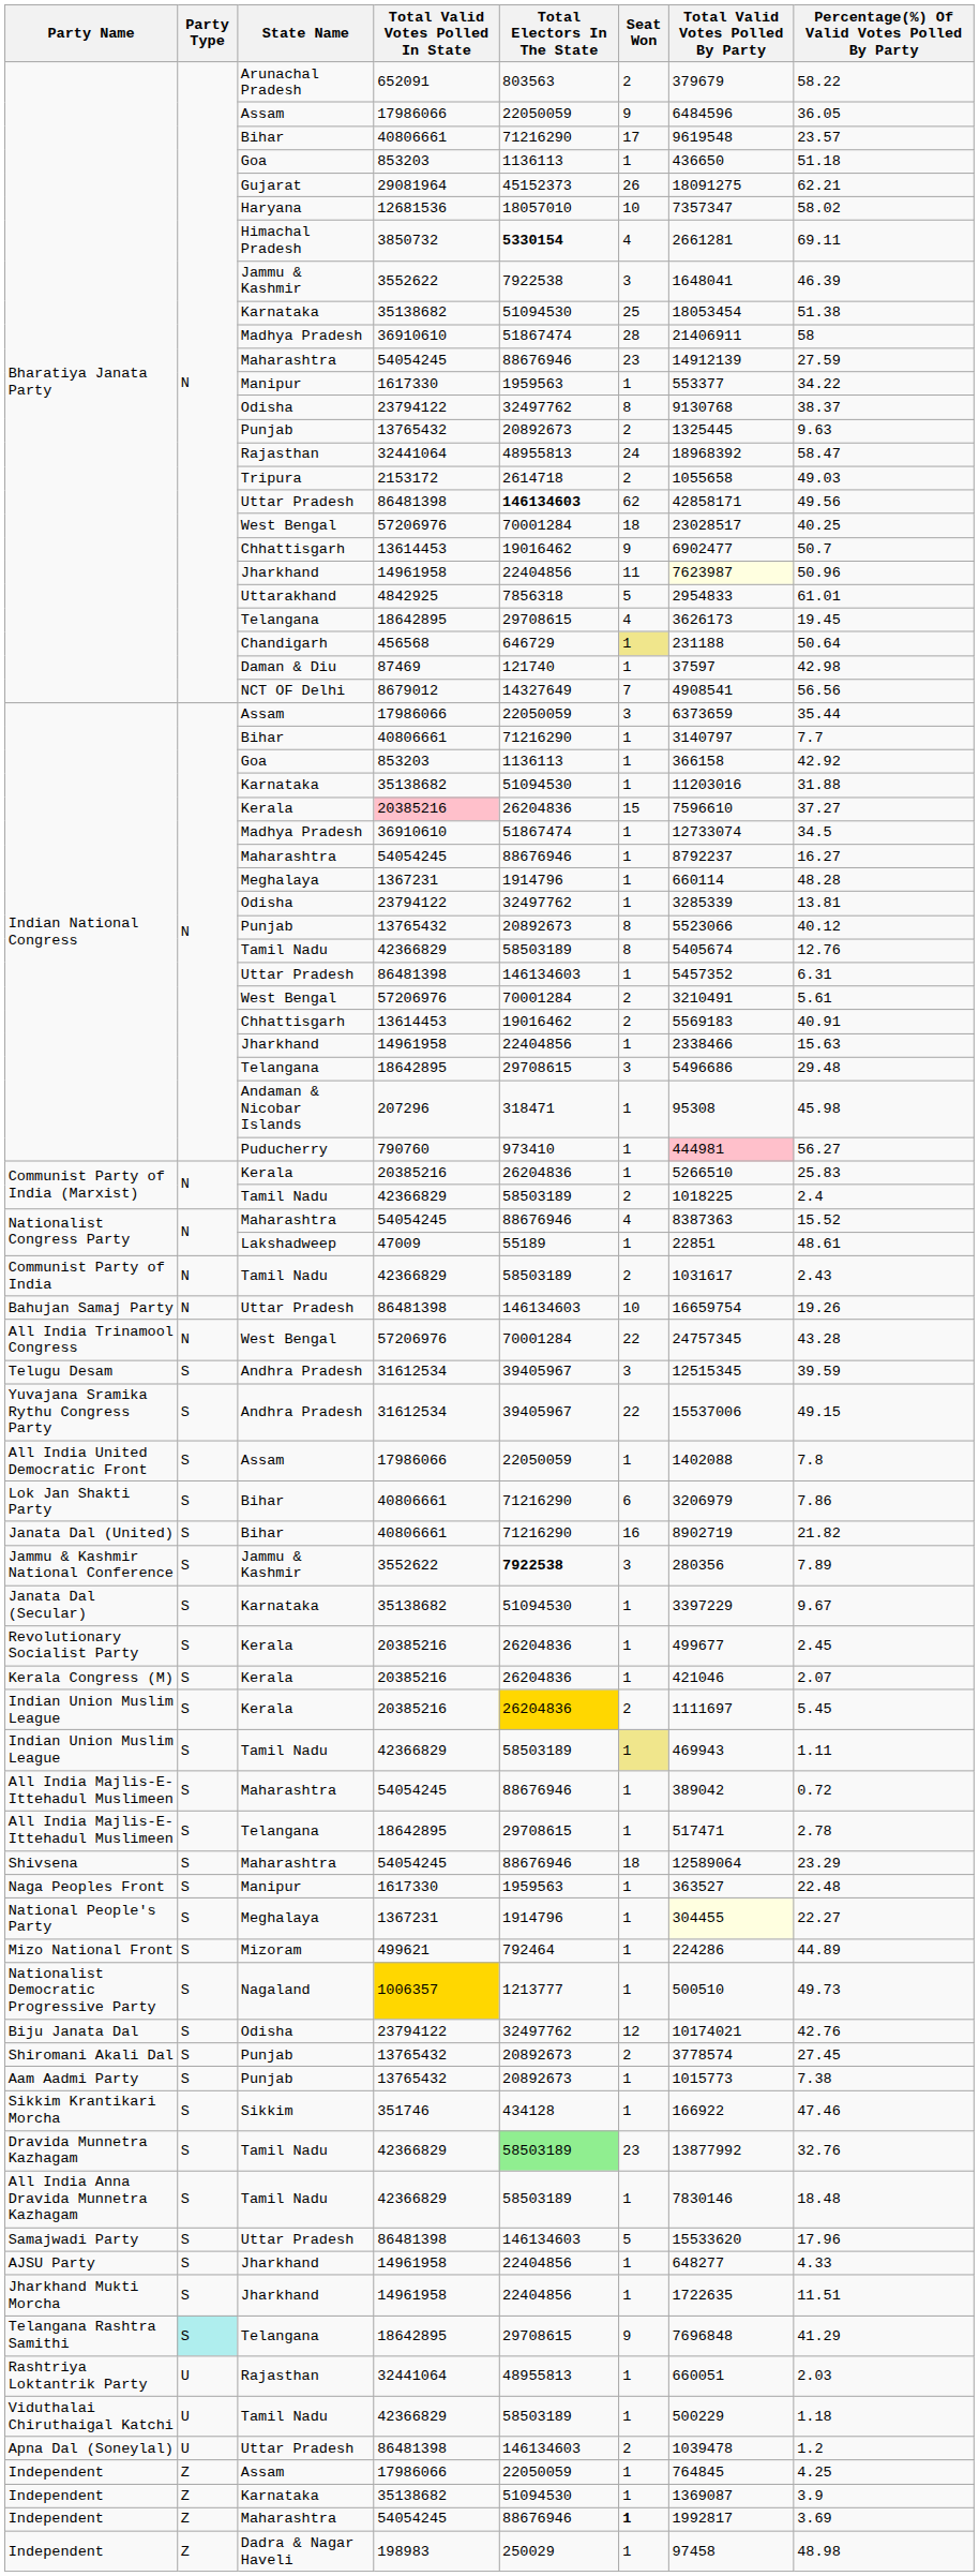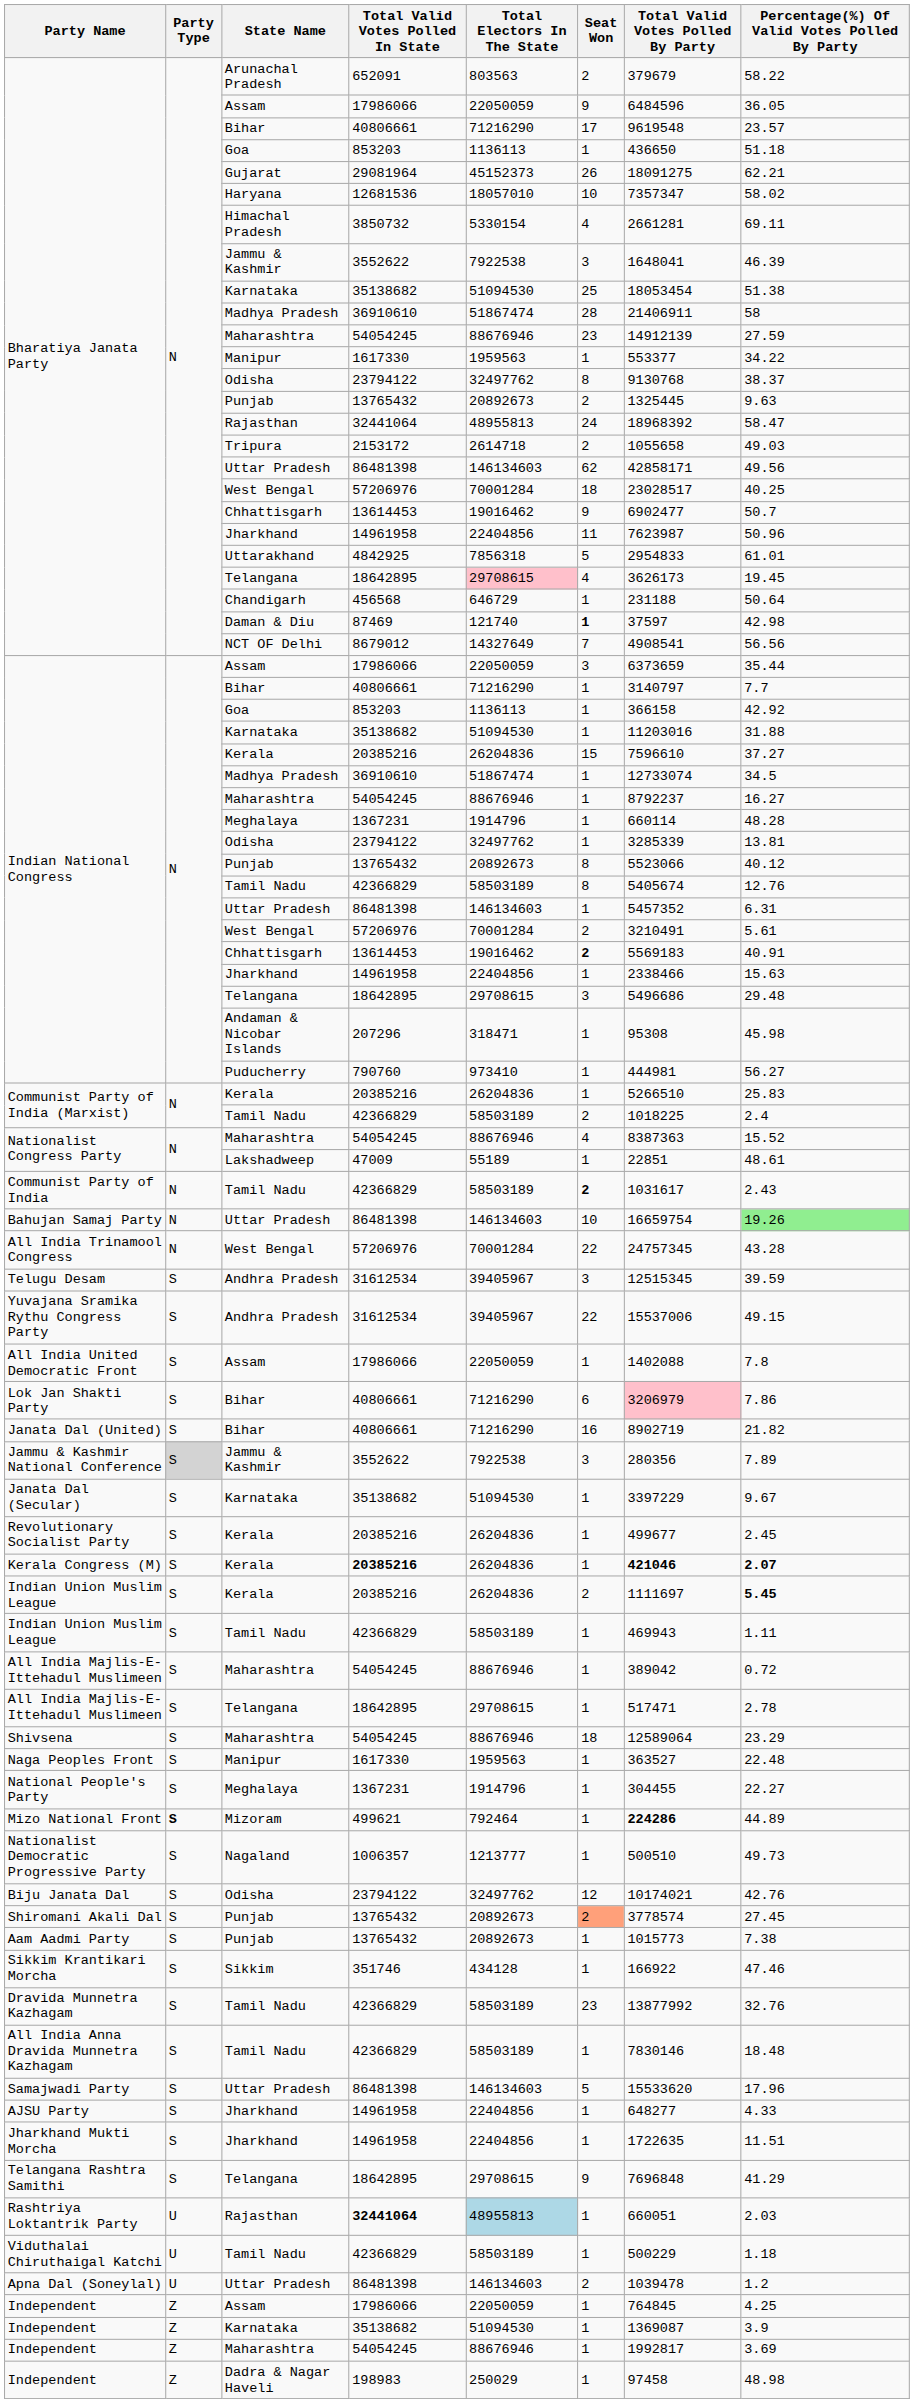 <table class="wikitable sortable">
 <tr>
 <th>Party Name</th>
 <th>Party Type</th>
 <th>State Name</th>
 <th>Total Valid Votes Polled In State</th>
 <th>Total Electors In The State</th>
 <th>Seat Won</th>
 <th>Total Valid Votes Polled By Party</th>
 <th>Percentage(%) Of Valid Votes Polled By Party</th>
 </tr>
 <tr>
 <td rowspan="25">Bharatiya Janata Party</td>
 <td rowspan="25">N</td>
 <td>Arunachal Pradesh</td>
 <td>652091</td>
 <td>803563</td>
 <td>2</td>
 <td>379679</td>
 <td>58.22</td>
 </tr>
 <tr>
 <td>Assam</td>
 <td>17986066</td>
 <td>22050059</td>
 <td>9</td>
 <td>6484596</td>
 <td>36.05</td>
 </tr>
 <tr>
 <td>Bihar</td>
 <td>40806661</td>
 <td>71216290</td>
 <td>17</td>
 <td>9619548</td>
 <td>23.57</td>
 </tr>
 <tr>
 <td>Goa</td>
 <td>853203</td>
 <td>1136113</td>
 <td>1</td>
 <td>436650</td>
 <td>51.18</td>
 </tr>
 <tr>
 <td>Gujarat</td>
 <td>29081964</td>
 <td>45152373</td>
 <td>26</td>
 <td>18091275</td>
 <td>62.21</td>
 </tr>
 <tr>
 <td>Haryana</td>
 <td>12681536</td>
 <td>18057010</td>
 <td>10</td>
 <td>7357347</td>
 <td>58.02</td>
 </tr>
 <tr>
 <td>Himachal Pradesh</td>
 <td>3850732</td>
-<td><strong>5330154</strong></td>
+<td>5330154</td>
 <td>4</td>
 <td>2661281</td>
 <td>69.11</td>
 </tr>
 <tr>
 <td>Jammu & Kashmir</td>
 <td>3552622</td>
 <td>7922538</td>
 <td>3</td>
 <td>1648041</td>
 <td>46.39</td>
 </tr>
 <tr>
 <td>Karnataka</td>
 <td>35138682</td>
 <td>51094530</td>
 <td>25</td>
 <td>18053454</td>
 <td>51.38</td>
 </tr>
 <tr>
 <td>Madhya Pradesh</td>
 <td>36910610</td>
 <td>51867474</td>
 <td>28</td>
 <td>21406911</td>
 <td>58</td>
 </tr>
 <tr>
 <td>Maharashtra</td>
 <td>54054245</td>
 <td>88676946</td>
 <td>23</td>
 <td>14912139</td>
 <td>27.59</td>
 </tr>
 <tr>
 <td>Manipur</td>
 <td>1617330</td>
 <td>1959563</td>
 <td>1</td>
 <td>553377</td>
 <td>34.22</td>
 </tr>
 <tr>
 <td>Odisha</td>
 <td>23794122</td>
 <td>32497762</td>
 <td>8</td>
 <td>9130768</td>
 <td>38.37</td>
 </tr>
 <tr>
 <td>Punjab</td>
 <td>13765432</td>
 <td>20892673</td>
 <td>2</td>
 <td>1325445</td>
 <td>9.63</td>
 </tr>
 <tr>
 <td>Rajasthan</td>
 <td>32441064</td>
 <td>48955813</td>
 <td>24</td>
 <td>18968392</td>
 <td>58.47</td>
 </tr>
 <tr>
 <td>Tripura</td>
 <td>2153172</td>
 <td>2614718</td>
 <td>2</td>
 <td>1055658</td>
 <td>49.03</td>
 </tr>
 <tr>
 <td>Uttar Pradesh</td>
 <td>86481398</td>
-<td><strong>146134603</strong></td>
+<td>146134603</td>
 <td>62</td>
 <td>42858171</td>
 <td>49.56</td>
 </tr>
 <tr>
 <td>West Bengal</td>
 <td>57206976</td>
 <td>70001284</td>
 <td>18</td>
 <td>23028517</td>
 <td>40.25</td>
 </tr>
 <tr>
 <td>Chhattisgarh</td>
 <td>13614453</td>
 <td>19016462</td>
 <td>9</td>
 <td>6902477</td>
 <td>50.7</td>
 </tr>
 <tr>
 <td>Jharkhand</td>
 <td>14961958</td>
 <td>22404856</td>
 <td>11</td>
-<td style="background: lightyellow;">7623987</td>
+<td>7623987</td>
 <td>50.96</td>
 </tr>
 <tr>
 <td>Uttarakhand</td>
 <td>4842925</td>
 <td>7856318</td>
 <td>5</td>
 <td>2954833</td>
 <td>61.01</td>
 </tr>
 <tr>
 <td>Telangana</td>
 <td>18642895</td>
-<td>29708615</td>
+<td style="background: pink;">29708615</td>
 <td>4</td>
 <td>3626173</td>
 <td>19.45</td>
 </tr>
 <tr>
 <td>Chandigarh</td>
 <td>456568</td>
 <td>646729</td>
-<td style="background: khaki;">1</td>
+<td>1</td>
 <td>231188</td>
 <td>50.64</td>
 </tr>
 <tr>
 <td>Daman & Diu</td>
 <td>87469</td>
 <td>121740</td>
-<td>1</td>
+<td><strong>1</strong></td>
 <td>37597</td>
 <td>42.98</td>
 </tr>
 <tr>
 <td>NCT OF Delhi</td>
 <td>8679012</td>
 <td>14327649</td>
 <td>7</td>
 <td>4908541</td>
 <td>56.56</td>
 </tr>
 <tr>
 <td rowspan="18">Indian National Congress</td>
 <td rowspan="18">N</td>
 <td>Assam</td>
 <td>17986066</td>
 <td>22050059</td>
 <td>3</td>
 <td>6373659</td>
 <td>35.44</td>
 </tr>
 <tr>
 <td>Bihar</td>
 <td>40806661</td>
 <td>71216290</td>
 <td>1</td>
 <td>3140797</td>
 <td>7.7</td>
 </tr>
 <tr>
 <td>Goa</td>
 <td>853203</td>
 <td>1136113</td>
 <td>1</td>
 <td>366158</td>
 <td>42.92</td>
 </tr>
 <tr>
 <td>Karnataka</td>
 <td>35138682</td>
 <td>51094530</td>
 <td>1</td>
 <td>11203016</td>
 <td>31.88</td>
 </tr>
 <tr>
 <td>Kerala</td>
-<td style="background: pink;">20385216</td>
+<td>20385216</td>
 <td>26204836</td>
 <td>15</td>
 <td>7596610</td>
 <td>37.27</td>
 </tr>
 <tr>
 <td>Madhya Pradesh</td>
 <td>36910610</td>
 <td>51867474</td>
 <td>1</td>
 <td>12733074</td>
 <td>34.5</td>
 </tr>
 <tr>
 <td>Maharashtra</td>
 <td>54054245</td>
 <td>88676946</td>
 <td>1</td>
 <td>8792237</td>
 <td>16.27</td>
 </tr>
 <tr>
 <td>Meghalaya</td>
 <td>1367231</td>
 <td>1914796</td>
 <td>1</td>
 <td>660114</td>
 <td>48.28</td>
 </tr>
 <tr>
 <td>Odisha</td>
 <td>23794122</td>
 <td>32497762</td>
 <td>1</td>
 <td>3285339</td>
 <td>13.81</td>
 </tr>
 <tr>
 <td>Punjab</td>
 <td>13765432</td>
 <td>20892673</td>
 <td>8</td>
 <td>5523066</td>
 <td>40.12</td>
 </tr>
 <tr>
 <td>Tamil Nadu</td>
 <td>42366829</td>
 <td>58503189</td>
 <td>8</td>
 <td>5405674</td>
 <td>12.76</td>
 </tr>
 <tr>
 <td>Uttar Pradesh</td>
 <td>86481398</td>
 <td>146134603</td>
 <td>1</td>
 <td>5457352</td>
 <td>6.31</td>
 </tr>
 <tr>
 <td>West Bengal</td>
 <td>57206976</td>
 <td>70001284</td>
 <td>2</td>
 <td>3210491</td>
 <td>5.61</td>
 </tr>
 <tr>
 <td>Chhattisgarh</td>
 <td>13614453</td>
 <td>19016462</td>
-<td>2</td>
+<td><strong>2</strong></td>
 <td>5569183</td>
 <td>40.91</td>
 </tr>
 <tr>
 <td>Jharkhand</td>
 <td>14961958</td>
 <td>22404856</td>
 <td>1</td>
 <td>2338466</td>
 <td>15.63</td>
 </tr>
 <tr>
 <td>Telangana</td>
 <td>18642895</td>
 <td>29708615</td>
 <td>3</td>
 <td>5496686</td>
 <td>29.48</td>
 </tr>
 <tr>
 <td>Andaman & Nicobar Islands</td>
 <td>207296</td>
 <td>318471</td>
 <td>1</td>
 <td>95308</td>
 <td>45.98</td>
 </tr>
 <tr>
 <td>Puducherry</td>
 <td>790760</td>
 <td>973410</td>
 <td>1</td>
-<td style="background: pink;">444981</td>
+<td>444981</td>
 <td>56.27</td>
 </tr>
 <tr>
 <td rowspan="2">Communist Party of India  (Marxist)</td>
 <td rowspan="2">N</td>
 <td>Kerala</td>
 <td>20385216</td>
 <td>26204836</td>
 <td>1</td>
 <td>5266510</td>
 <td>25.83</td>
 </tr>
 <tr>
 <td>Tamil Nadu</td>
 <td>42366829</td>
 <td>58503189</td>
 <td>2</td>
 <td>1018225</td>
 <td>2.4</td>
 </tr>
 <tr>
 <td rowspan="2">Nationalist Congress Party</td>
 <td rowspan="2">N</td>
 <td>Maharashtra</td>
 <td>54054245</td>
 <td>88676946</td>
 <td>4</td>
 <td>8387363</td>
 <td>15.52</td>
 </tr>
 <tr>
 <td>Lakshadweep</td>
 <td>47009</td>
 <td>55189</td>
 <td>1</td>
 <td>22851</td>
 <td>48.61</td>
 </tr>
 <tr>
 <td>Communist Party of India</td>
 <td>N</td>
 <td>Tamil Nadu</td>
 <td>42366829</td>
 <td>58503189</td>
-<td>2</td>
+<td><strong>2</strong></td>
 <td>1031617</td>
 <td>2.43</td>
 </tr>
 <tr>
 <td>Bahujan Samaj Party</td>
 <td>N</td>
 <td>Uttar Pradesh</td>
 <td>86481398</td>
 <td>146134603</td>
 <td>10</td>
 <td>16659754</td>
-<td>19.26</td>
+<td style="background: lightgreen;">19.26</td>
 </tr>
 <tr>
 <td>All India Trinamool Congress</td>
 <td>N</td>
 <td>West Bengal</td>
 <td>57206976</td>
 <td>70001284</td>
 <td>22</td>
 <td>24757345</td>
 <td>43.28</td>
 </tr>
 <tr>
 <td>Telugu Desam</td>
 <td>S</td>
 <td>Andhra Pradesh</td>
 <td>31612534</td>
 <td>39405967</td>
 <td>3</td>
 <td>12515345</td>
 <td>39.59</td>
 </tr>
 <tr>
 <td>Yuvajana Sramika Rythu Congress Party</td>
 <td>S</td>
 <td>Andhra Pradesh</td>
 <td>31612534</td>
 <td>39405967</td>
 <td>22</td>
 <td>15537006</td>
 <td>49.15</td>
 </tr>
 <tr>
 <td>All India United Democratic Front</td>
 <td>S</td>
 <td>Assam</td>
 <td>17986066</td>
 <td>22050059</td>
 <td>1</td>
 <td>1402088</td>
 <td>7.8</td>
 </tr>
 <tr>
 <td>Lok Jan Shakti Party</td>
 <td>S</td>
 <td>Bihar</td>
 <td>40806661</td>
 <td>71216290</td>
 <td>6</td>
-<td>3206979</td>
+<td style="background: pink;">3206979</td>
 <td>7.86</td>
 </tr>
 <tr>
 <td>Janata Dal  (United)</td>
 <td>S</td>
 <td>Bihar</td>
 <td>40806661</td>
 <td>71216290</td>
 <td>16</td>
 <td>8902719</td>
 <td>21.82</td>
 </tr>
 <tr>
 <td>Jammu & Kashmir National Conference</td>
-<td>S</td>
+<td style="background: lightgrey;">S</td>
 <td>Jammu & Kashmir</td>
 <td>3552622</td>
-<td><strong>7922538</strong></td>
+<td>7922538</td>
 <td>3</td>
 <td>280356</td>
 <td>7.89</td>
 </tr>
 <tr>
 <td>Janata Dal  (Secular)</td>
 <td>S</td>
 <td>Karnataka</td>
 <td>35138682</td>
 <td>51094530</td>
 <td>1</td>
 <td>3397229</td>
 <td>9.67</td>
 </tr>
 <tr>
 <td>Revolutionary Socialist Party</td>
 <td>S</td>
 <td>Kerala</td>
 <td>20385216</td>
 <td>26204836</td>
 <td>1</td>
 <td>499677</td>
 <td>2.45</td>
 </tr>
 <tr>
 <td>Kerala Congress  (M)</td>
 <td>S</td>
 <td>Kerala</td>
-<td>20385216</td>
+<td><strong>20385216</strong></td>
 <td>26204836</td>
 <td>1</td>
-<td>421046</td>
-<td>2.07</td>
+<td><strong>421046</strong></td>
+<td><strong>2.07</strong></td>
 </tr>
 <tr>
 <td>Indian Union Muslim League</td>
 <td>S</td>
 <td>Kerala</td>
 <td>20385216</td>
-<td style="background: gold;">26204836</td>
+<td>26204836</td>
 <td>2</td>
 <td>1111697</td>
-<td>5.45</td>
+<td><strong>5.45</strong></td>
 </tr>
 <tr>
 <td>Indian Union Muslim League</td>
 <td>S</td>
 <td>Tamil Nadu</td>
 <td>42366829</td>
 <td>58503189</td>
-<td style="background: khaki;">1</td>
+<td>1</td>
 <td>469943</td>
 <td>1.11</td>
 </tr>
 <tr>
 <td>All India Majlis-E-Ittehadul Muslimeen</td>
 <td>S</td>
 <td>Maharashtra</td>
 <td>54054245</td>
 <td>88676946</td>
 <td>1</td>
 <td>389042</td>
 <td>0.72</td>
 </tr>
 <tr>
 <td>All India Majlis-E-Ittehadul Muslimeen</td>
 <td>S</td>
 <td>Telangana</td>
 <td>18642895</td>
 <td>29708615</td>
 <td>1</td>
 <td>517471</td>
 <td>2.78</td>
 </tr>
 <tr>
 <td>Shivsena</td>
 <td>S</td>
 <td>Maharashtra</td>
 <td>54054245</td>
 <td>88676946</td>
 <td>18</td>
 <td>12589064</td>
 <td>23.29</td>
 </tr>
 <tr>
 <td>Naga Peoples Front</td>
 <td>S</td>
 <td>Manipur</td>
 <td>1617330</td>
 <td>1959563</td>
 <td>1</td>
 <td>363527</td>
 <td>22.48</td>
 </tr>
 <tr>
 <td>National People's Party</td>
 <td>S</td>
 <td>Meghalaya</td>
 <td>1367231</td>
 <td>1914796</td>
 <td>1</td>
-<td style="background: lightyellow;">304455</td>
+<td>304455</td>
 <td>22.27</td>
 </tr>
 <tr>
 <td>Mizo National Front</td>
-<td>S</td>
+<td><strong>S</strong></td>
 <td>Mizoram</td>
 <td>499621</td>
 <td>792464</td>
 <td>1</td>
-<td>224286</td>
+<td><strong>224286</strong></td>
 <td>44.89</td>
 </tr>
 <tr>
 <td>Nationalist Democratic Progressive Party</td>
 <td>S</td>
 <td>Nagaland</td>
-<td style="background: gold;">1006357</td>
+<td>1006357</td>
 <td>1213777</td>
 <td>1</td>
 <td>500510</td>
 <td>49.73</td>
 </tr>
 <tr>
 <td>Biju Janata Dal</td>
 <td>S</td>
 <td>Odisha</td>
 <td>23794122</td>
 <td>32497762</td>
 <td>12</td>
 <td>10174021</td>
 <td>42.76</td>
 </tr>
 <tr>
 <td>Shiromani Akali Dal</td>
 <td>S</td>
 <td>Punjab</td>
 <td>13765432</td>
 <td>20892673</td>
-<td>2</td>
+<td style="background: lightsalmon;">2</td>
 <td>3778574</td>
 <td>27.45</td>
 </tr>
 <tr>
 <td>Aam Aadmi Party</td>
 <td>S</td>
 <td>Punjab</td>
 <td>13765432</td>
 <td>20892673</td>
 <td>1</td>
 <td>1015773</td>
 <td>7.38</td>
 </tr>
 <tr>
 <td>Sikkim Krantikari Morcha</td>
 <td>S</td>
 <td>Sikkim</td>
 <td>351746</td>
 <td>434128</td>
 <td>1</td>
 <td>166922</td>
 <td>47.46</td>
 </tr>
 <tr>
 <td>Dravida Munnetra Kazhagam</td>
 <td>S</td>
 <td>Tamil Nadu</td>
 <td>42366829</td>
-<td style="background: lightgreen;">58503189</td>
+<td>58503189</td>
 <td>23</td>
 <td>13877992</td>
 <td>32.76</td>
 </tr>
 <tr>
 <td>All India Anna Dravida Munnetra Kazhagam</td>
 <td>S</td>
 <td>Tamil Nadu</td>
 <td>42366829</td>
 <td>58503189</td>
 <td>1</td>
 <td>7830146</td>
 <td>18.48</td>
 </tr>
 <tr>
 <td>Samajwadi Party</td>
 <td>S</td>
 <td>Uttar Pradesh</td>
 <td>86481398</td>
 <td>146134603</td>
 <td>5</td>
 <td>15533620</td>
 <td>17.96</td>
 </tr>
 <tr>
 <td>AJSU Party</td>
 <td>S</td>
 <td>Jharkhand</td>
 <td>14961958</td>
 <td>22404856</td>
 <td>1</td>
 <td>648277</td>
 <td>4.33</td>
 </tr>
 <tr>
 <td>Jharkhand Mukti Morcha</td>
 <td>S</td>
 <td>Jharkhand</td>
 <td>14961958</td>
 <td>22404856</td>
 <td>1</td>
 <td>1722635</td>
 <td>11.51</td>
 </tr>
 <tr>
 <td>Telangana Rashtra Samithi</td>
-<td style="background: paleturquoise;">S</td>
+<td>S</td>
 <td>Telangana</td>
 <td>18642895</td>
 <td>29708615</td>
 <td>9</td>
 <td>7696848</td>
 <td>41.29</td>
 </tr>
 <tr>
 <td>Rashtriya Loktantrik Party</td>
 <td>U</td>
 <td>Rajasthan</td>
-<td>32441064</td>
-<td>48955813</td>
+<td><strong>32441064</strong></td>
+<td style="background: lightblue;">48955813</td>
 <td>1</td>
 <td>660051</td>
 <td>2.03</td>
 </tr>
 <tr>
 <td>Viduthalai Chiruthaigal Katchi</td>
 <td>U</td>
 <td>Tamil Nadu</td>
 <td>42366829</td>
 <td>58503189</td>
 <td>1</td>
 <td>500229</td>
 <td>1.18</td>
 </tr>
 <tr>
 <td>Apna Dal (Soneylal)</td>
 <td>U</td>
 <td>Uttar Pradesh</td>
 <td>86481398</td>
 <td>146134603</td>
 <td>2</td>
 <td>1039478</td>
 <td>1.2</td>
 </tr>
 <tr>
 <td>Independent</td>
 <td>Z</td>
 <td>Assam</td>
 <td>17986066</td>
 <td>22050059</td>
 <td>1</td>
 <td>764845</td>
 <td>4.25</td>
 </tr>
 <tr>
 <td>Independent</td>
 <td>Z</td>
 <td>Karnataka</td>
 <td>35138682</td>
 <td>51094530</td>
 <td>1</td>
 <td>1369087</td>
 <td>3.9</td>
 </tr>
 <tr>
 <td>Independent</td>
 <td>Z</td>
 <td>Maharashtra</td>
 <td>54054245</td>
 <td>88676946</td>
-<td><strong>1</strong></td>
+<td>1</td>
 <td>1992817</td>
 <td>3.69</td>
 </tr>
 <tr>
 <td>Independent</td>
 <td>Z</td>
 <td>Dadra & Nagar Haveli</td>
 <td>198983</td>
 <td>250029</td>
 <td>1</td>
 <td>97458</td>
 <td>48.98</td>
 </tr>
 </table>
